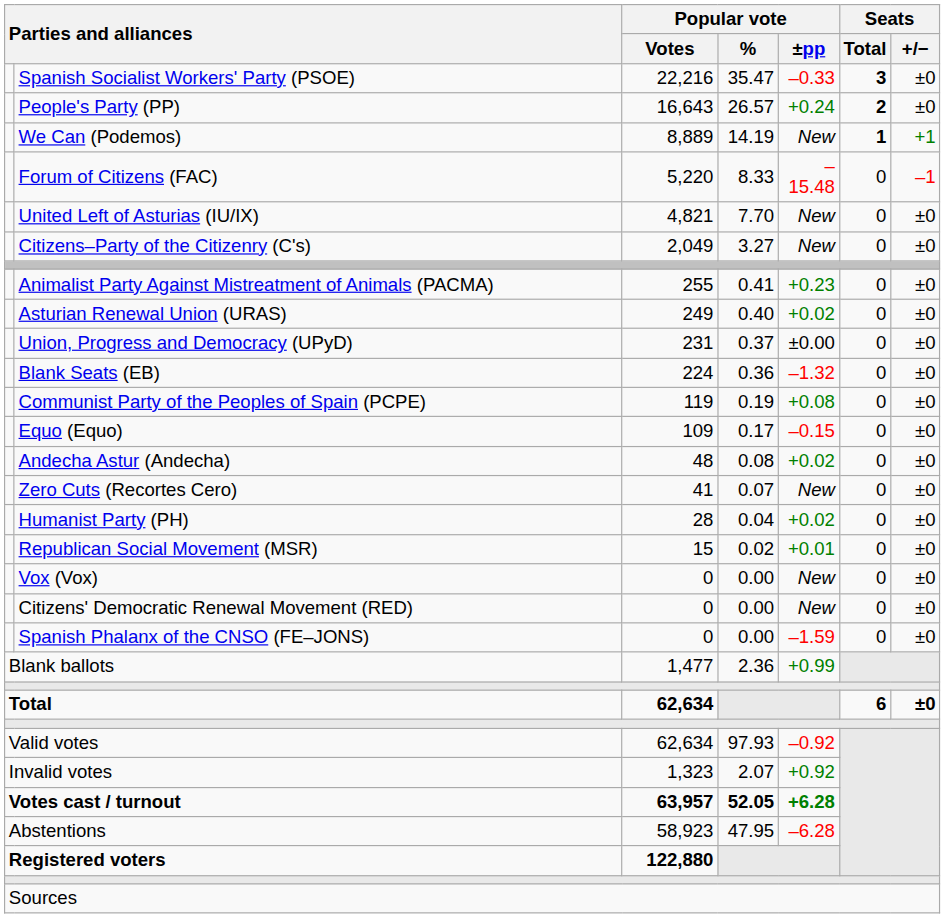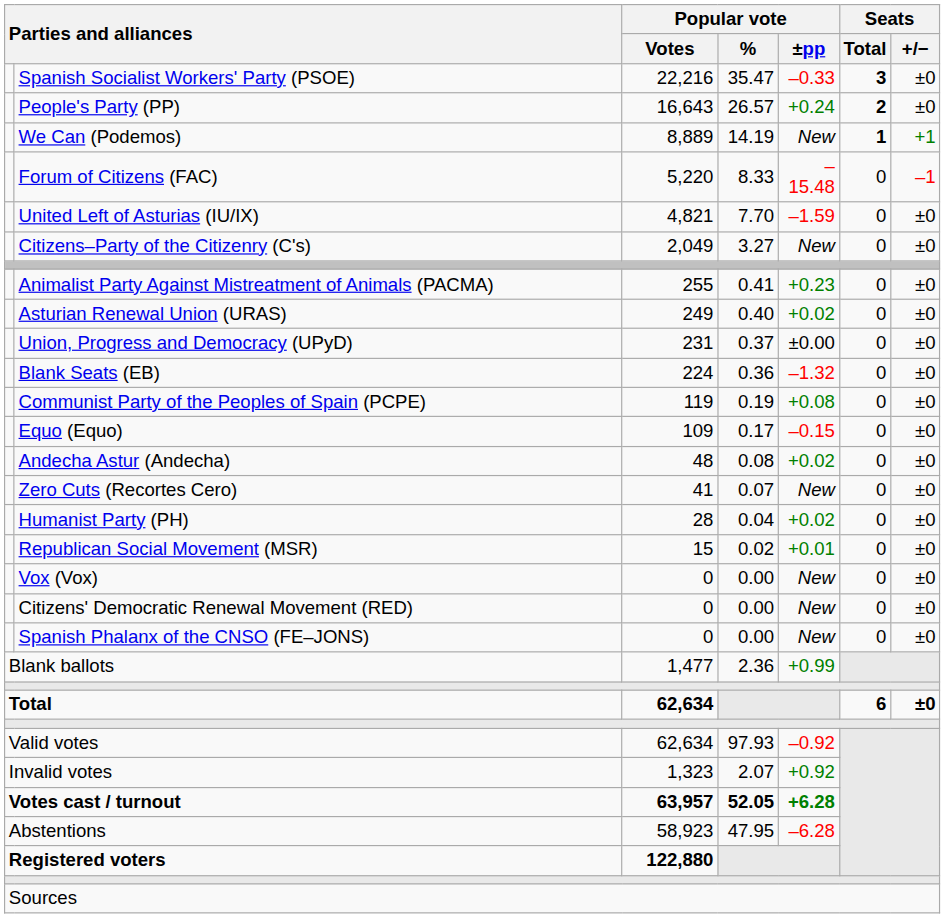 <table class="wikitable" style="text-align:right;">
 <tr>
 <th style="text-align:left;" rowspan="2" colspan="2" width="525">Parties and alliances</th>
 <th colspan="3">Popular vote</th>
 <th colspan="2">Seats</th>
 </tr>
 <tr>
 <th width="75">Votes</th>
 <th width="45">%</th>
 <th width="45">±<a href='#'>pp</a></th>
 <th width="35">Total</th>
 <th width="35">+/−</th>
 </tr>
 <tr>
 <td width="1" style="color:inherit;background:"></td>
 <td align="left"><a href='#'>Spanish Socialist Workers' Party</a> (PSOE)</td>
 <td>22,216</td>
 <td>35.47</td>
 <td style="color:red;">–0.33</td>
 <td><strong>3</strong></td>
 <td>±0</td>
 </tr>
 <tr>
 <td style="color:inherit;background:"></td>
 <td align="left"><a href='#'>People's Party</a> (PP)</td>
 <td>16,643</td>
 <td>26.57</td>
 <td style="color:green;">+0.24</td>
 <td><strong>2</strong></td>
 <td>±0</td>
 </tr>
 <tr>
 <td style="color:inherit;background:"></td>
 <td align="left"><a href='#'>We Can</a> (Podemos)</td>
 <td>8,889</td>
 <td>14.19</td>
 <td><em>New</em></td>
 <td><strong>1</strong></td>
 <td style="color:green;">+1</td>
 </tr>
 <tr>
 <td style="color:inherit;background:"></td>
 <td align="left"><a href='#'>Forum of Citizens</a> (FAC)</td>
 <td>5,220</td>
 <td>8.33</td>
 <td style="color:red;">–15.48</td>
 <td>0</td>
 <td style="color:red;">–1</td>
 </tr>
 <tr>
 <td style="color:inherit;background:"></td>
 <td align="left"><a href='#'>United Left of Asturias</a> (IU/IX)</td>
 <td>4,821</td>
 <td>7.70</td>
-<td><em>New</em></td>
+<td style="color:red;">–1.59</td>
 <td>0</td>
 <td>±0</td>
 </tr>
 <tr>
 <td style="color:inherit;background:"></td>
 <td align="left"><a href='#'>Citizens–Party of the Citizenry</a> (C's)</td>
 <td>2,049</td>
 <td>3.27</td>
 <td><em>New</em></td>
 <td>0</td>
 <td>±0</td>
 </tr>
 <tr>
 <td colspan="7" bgcolor="#C0C0C0"></td>
 </tr>
 <tr>
 <td style="color:inherit;background:"></td>
 <td align="left"><a href='#'>Animalist Party Against Mistreatment of Animals</a> (PACMA)</td>
 <td>255</td>
 <td>0.41</td>
 <td style="color:green;">+0.23</td>
 <td>0</td>
 <td>±0</td>
 </tr>
 <tr>
 <td style="color:inherit;background:"></td>
 <td align="left"><a href='#'>Asturian Renewal Union</a> (URAS)</td>
 <td>249</td>
 <td>0.40</td>
 <td style="color:green;">+0.02</td>
 <td>0</td>
 <td>±0</td>
 </tr>
 <tr>
 <td style="color:inherit;background:"></td>
 <td align="left"><a href='#'>Union, Progress and Democracy</a> (UPyD)</td>
 <td>231</td>
 <td>0.37</td>
 <td>±0.00</td>
 <td>0</td>
 <td>±0</td>
 </tr>
 <tr>
 <td style="color:inherit;background:"></td>
 <td align="left"><a href='#'>Blank Seats</a> (EB)</td>
 <td>224</td>
 <td>0.36</td>
 <td style="color:red;">–1.32</td>
 <td>0</td>
 <td>±0</td>
 </tr>
 <tr>
 <td style="color:inherit;background:"></td>
 <td align="left"><a href='#'>Communist Party of the Peoples of Spain</a> (PCPE)</td>
 <td>119</td>
 <td>0.19</td>
 <td style="color:green;">+0.08</td>
 <td>0</td>
 <td>±0</td>
 </tr>
 <tr>
 <td style="color:inherit;background:"></td>
 <td align="left"><a href='#'>Equo</a> (Equo)</td>
 <td>109</td>
 <td>0.17</td>
 <td style="color:red;">–0.15</td>
 <td>0</td>
 <td>±0</td>
 </tr>
 <tr>
 <td style="color:inherit;background:"></td>
 <td align="left"><a href='#'>Andecha Astur</a> (Andecha)</td>
 <td>48</td>
 <td>0.08</td>
 <td style="color:green;">+0.02</td>
 <td>0</td>
 <td>±0</td>
 </tr>
 <tr>
 <td style="color:inherit;background:"></td>
 <td align="left"><a href='#'>Zero Cuts</a> (Recortes Cero)</td>
 <td>41</td>
 <td>0.07</td>
 <td><em>New</em></td>
 <td>0</td>
 <td>±0</td>
 </tr>
 <tr>
 <td style="color:inherit;background:"></td>
 <td align="left"><a href='#'>Humanist Party</a> (PH)</td>
 <td>28</td>
 <td>0.04</td>
 <td style="color:green;">+0.02</td>
 <td>0</td>
 <td>±0</td>
 </tr>
 <tr>
 <td style="color:inherit;background:"></td>
 <td align="left"><a href='#'>Republican Social Movement</a> (MSR)</td>
 <td>15</td>
 <td>0.02</td>
 <td style="color:green;">+0.01</td>
 <td>0</td>
 <td>±0</td>
 </tr>
 <tr>
 <td style="color:inherit;background:"></td>
 <td align="left"><a href='#'>Vox</a> (Vox)</td>
 <td>0</td>
 <td>0.00</td>
 <td><em>New</em></td>
 <td>0</td>
 <td>±0</td>
 </tr>
 <tr>
 <td style="color:inherit;background:"></td>
 <td align="left">Citizens' Democratic Renewal Movement (RED)</td>
 <td>0</td>
 <td>0.00</td>
 <td><em>New</em></td>
 <td>0</td>
 <td>±0</td>
 </tr>
 <tr>
 <td style="color:inherit;background:"></td>
 <td align="left"><a href='#'>Spanish Phalanx of the CNSO</a> (FE–JONS)</td>
 <td>0</td>
 <td>0.00</td>
-<td style="color:red;">–1.59</td>
+<td><em>New</em></td>
 <td>0</td>
 <td>±0</td>
 </tr>
 <tr>
 <td align="left" colspan="2">Blank ballots</td>
 <td>1,477</td>
 <td>2.36</td>
 <td style="color:green;">+0.99</td>
 <td bgcolor="#E9E9E9" colspan="2"></td>
 </tr>
 <tr>
 <td colspan="7" bgcolor="#E9E9E9"></td>
 </tr>
 <tr style="font-weight:bold;">
 <td align="left" colspan="2">Total</td>
 <td>62,634</td>
 <td bgcolor="#E9E9E9" colspan="2"></td>
 <td>6</td>
 <td>±0</td>
 </tr>
 <tr>
 <td colspan="7" bgcolor="#E9E9E9"></td>
 </tr>
 <tr>
 <td align="left" colspan="2">Valid votes</td>
 <td>62,634</td>
 <td>97.93</td>
 <td style="color:red;">–0.92</td>
 <td bgcolor="#E9E9E9" colspan="2" rowspan="5"></td>
 </tr>
 <tr>
 <td align="left" colspan="2">Invalid votes</td>
 <td>1,323</td>
 <td>2.07</td>
 <td style="color:green;">+0.92</td>
 </tr>
 <tr style="font-weight:bold;">
 <td align="left" colspan="2">Votes cast / turnout</td>
 <td>63,957</td>
 <td>52.05</td>
 <td style="color:green;">+6.28</td>
 </tr>
 <tr>
 <td align="left" colspan="2">Abstentions</td>
 <td>58,923</td>
 <td>47.95</td>
 <td style="color:red;">–6.28</td>
 </tr>
 <tr style="font-weight:bold;">
 <td align="left" colspan="2">Registered voters</td>
 <td>122,880</td>
 <td bgcolor="#E9E9E9" colspan="2"></td>
 </tr>
 <tr>
 <td colspan="7" bgcolor="#E9E9E9"></td>
 </tr>
 <tr>
 <td align="left" colspan="7">Sources</td>
 </tr>
 </table>
